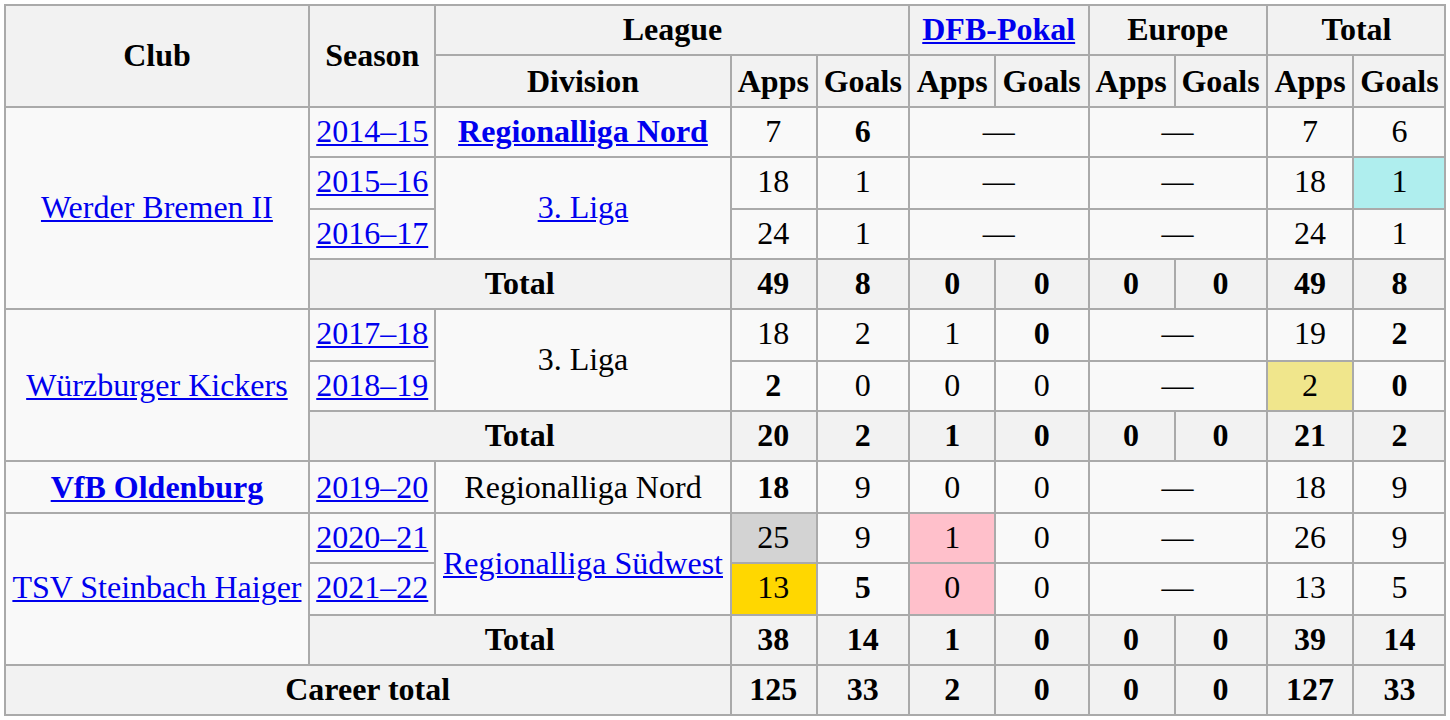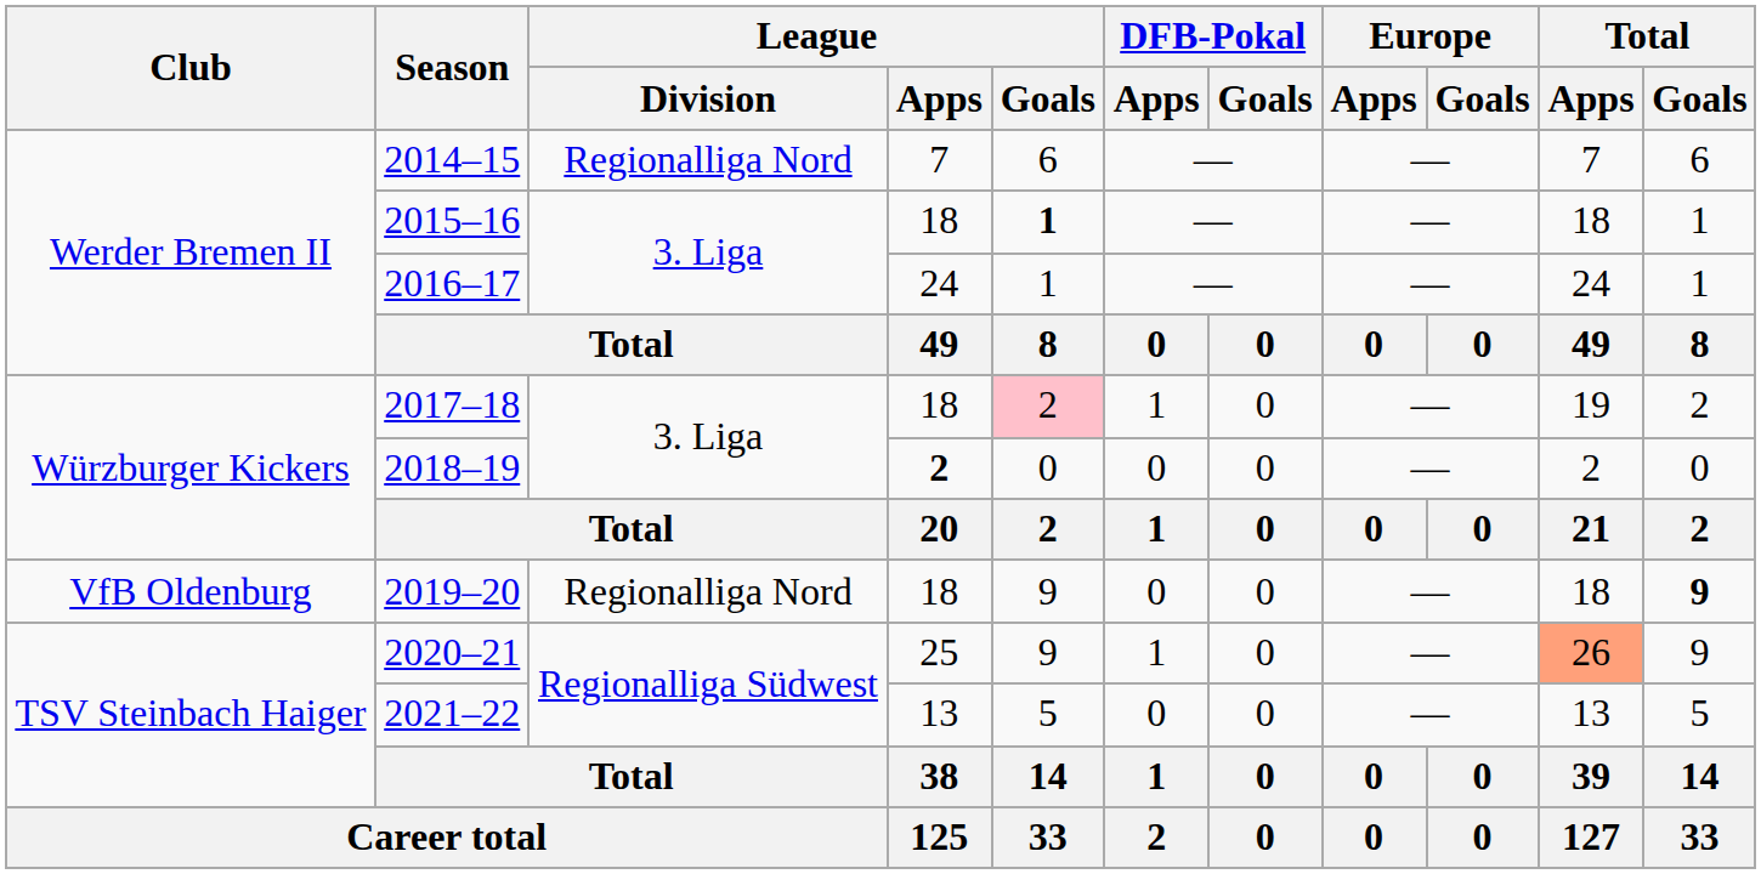 <table class="wikitable" style="text-align:center">
 <tr>
 <th rowspan="2">Club</th>
 <th rowspan="2">Season</th>
 <th colspan="3">League</th>
 <th colspan="2"><a href='#'>DFB-Pokal</a></th>
 <th colspan="2">Europe</th>
 <th colspan="2">Total</th>
 </tr>
 <tr>
 <th>Division</th>
 <th>Apps</th>
 <th>Goals</th>
 <th>Apps</th>
 <th>Goals</th>
 <th>Apps</th>
 <th>Goals</th>
 <th>Apps</th>
 <th>Goals</th>
 </tr>
 <tr>
 <td rowspan="4"><a href='#'>Werder Bremen II</a></td>
 <td><a href='#'>2014–15</a></td>
-<td><strong><a href='#'>Regionalliga Nord</a></strong></td>
+<td><a href='#'>Regionalliga Nord</a></td>
 <td>7</td>
-<td><strong>6</strong></td>
+<td>6</td>
 <td colspan="2">—</td>
 <td colspan="2">—</td>
 <td>7</td>
 <td>6</td>
 </tr>
 <tr>
 <td><a href='#'>2015–16</a></td>
 <td rowspan="2"><a href='#'>3. Liga</a></td>
 <td>18</td>
-<td>1</td>
+<td><strong>1</strong></td>
 <td colspan="2">—</td>
 <td colspan="2">—</td>
 <td>18</td>
-<td style="background: paleturquoise;">1</td>
+<td>1</td>
 </tr>
 <tr>
 <td><a href='#'>2016–17</a></td>
 <td>24</td>
 <td>1</td>
 <td colspan="2">—</td>
 <td colspan="2">—</td>
 <td>24</td>
 <td>1</td>
 </tr>
 <tr>
 <th colspan="2">Total</th>
 <th>49</th>
 <th>8</th>
 <th>0</th>
 <th>0</th>
 <th>0</th>
 <th>0</th>
 <th>49</th>
 <th>8</th>
 </tr>
 <tr>
 <td rowspan="3"><a href='#'>Würzburger Kickers</a></td>
 <td><a href='#'>2017–18</a></td>
 <td rowspan="2">3. Liga</td>
 <td>18</td>
-<td>2</td>
+<td style="background: pink;">2</td>
 <td>1</td>
-<td><strong>0</strong></td>
+<td>0</td>
 <td colspan="2">—</td>
 <td>19</td>
-<td><strong>2</strong></td>
+<td>2</td>
 </tr>
 <tr>
 <td><a href='#'>2018–19</a></td>
 <td><strong>2</strong></td>
 <td>0</td>
 <td>0</td>
 <td>0</td>
 <td colspan="2">—</td>
-<td style="background: khaki;">2</td>
-<td><strong>0</strong></td>
+<td>2</td>
+<td>0</td>
 </tr>
 <tr>
 <th colspan="2">Total</th>
 <th>20</th>
 <th>2</th>
 <th>1</th>
 <th>0</th>
 <th>0</th>
 <th>0</th>
 <th>21</th>
 <th>2</th>
 </tr>
 <tr>
-<td><strong><a href='#'>VfB Oldenburg</a></strong></td>
+<td><a href='#'>VfB Oldenburg</a></td>
 <td><a href='#'>2019–20</a></td>
 <td>Regionalliga Nord</td>
-<td><strong>18</strong></td>
+<td>18</td>
 <td>9</td>
 <td>0</td>
 <td>0</td>
 <td colspan="2">—</td>
 <td>18</td>
-<td>9</td>
+<td><strong>9</strong></td>
 </tr>
 <tr>
 <td rowspan="3"><a href='#'>TSV Steinbach Haiger</a></td>
 <td><a href='#'>2020–21</a></td>
 <td rowspan="2"><a href='#'>Regionalliga Südwest</a></td>
-<td style="background: lightgrey;">25</td>
+<td>25</td>
 <td>9</td>
-<td style="background: pink;">1</td>
+<td>1</td>
 <td>0</td>
 <td colspan="2">—</td>
-<td>26</td>
+<td style="background: lightsalmon;">26</td>
 <td>9</td>
 </tr>
 <tr>
 <td><a href='#'>2021–22</a></td>
-<td style="background: gold;">13</td>
-<td><strong>5</strong></td>
-<td style="background: pink;">0</td>
+<td>13</td>
+<td>5</td>
+<td>0</td>
 <td>0</td>
 <td colspan="2">—</td>
 <td>13</td>
 <td>5</td>
 </tr>
 <tr>
 <th colspan="2">Total</th>
 <th>38</th>
 <th>14</th>
 <th>1</th>
 <th>0</th>
 <th>0</th>
 <th>0</th>
 <th>39</th>
 <th>14</th>
 </tr>
 <tr>
 <th colspan="3">Career total</th>
 <th>125</th>
 <th>33</th>
 <th>2</th>
 <th>0</th>
 <th>0</th>
 <th>0</th>
 <th>127</th>
 <th>33</th>
 </tr>
 </table>
